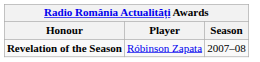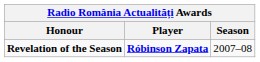 <table class="wikitable" align=center>
 <tr>
 <th Colspan=3><a href='#'>Radio România Actualități</a> Awards</th>
 </tr>
 <tr>
 <th Align=Left>Honour</th>
 <th Align=Left>Player</th>
 <th Align=Left>Season</th>
 </tr>
 <tr>
 <td valign="top" Rowspan=1 Align=left><strong>Revelation of the Season</strong></td>
-<td><a href='#'>Róbinson Zapata</a></td>
+<td><strong><a href='#'>Róbinson Zapata</a></strong></td>
 <td class="wikitable" align=center>2007–08</td>
 </tr>
 </table>
